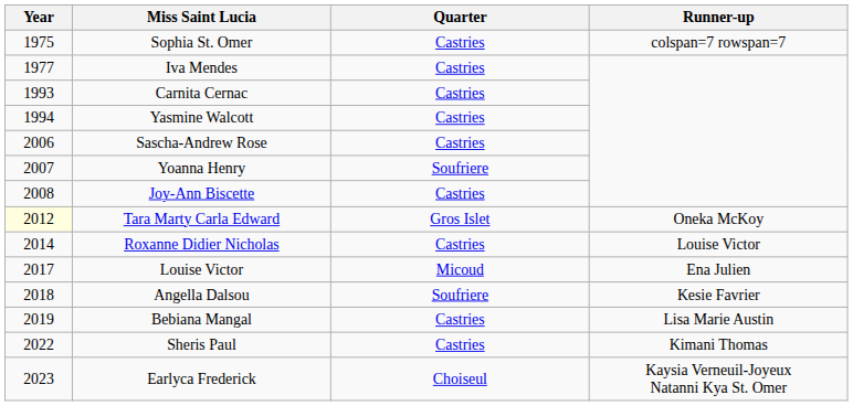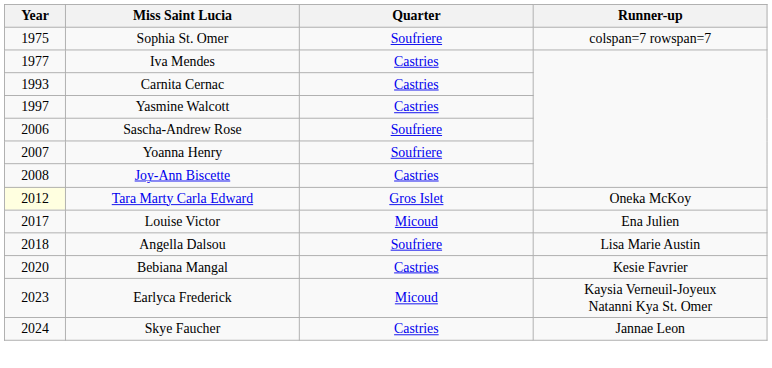 <table class="wikitable sortable" style="font-size: 95%; text-align:center">
 <tr>
 <th width="60">Year</th>
 <th width="250">Miss Saint Lucia</th>
 <th width="250">Quarter</th>
 <th width="250">Runner-up</th>
 </tr>
 <tr>
 <td>1975</td>
 <td>Sophia St. Omer</td>
-<td><a href='#'>Castries</a></td>
+<td><a href='#'>Soufriere</a></td>
 <td>colspan=7 rowspan=7 </td>
 </tr>
 <tr>
 <td>1977</td>
 <td>Iva Mendes</td>
 <td><a href='#'>Castries</a></td>
 </tr>
 <tr>
 <td>1993</td>
 <td>Carnita Cernac</td>
 <td><a href='#'>Castries</a></td>
 </tr>
 <tr>
-<td>1994</td>
+<td>1997</td>
 <td>Yasmine Walcott</td>
 <td><a href='#'>Castries</a></td>
 </tr>
 <tr>
 <td>2006</td>
 <td>Sascha-Andrew Rose</td>
-<td><a href='#'>Castries</a></td>
+<td><a href='#'>Soufriere</a></td>
 </tr>
 <tr>
 <td>2007</td>
 <td>Yoanna Henry</td>
 <td><a href='#'>Soufriere</a></td>
 </tr>
 <tr>
 <td>2008</td>
 <td><a href='#'>Joy-Ann Biscette</a></td>
 <td><a href='#'>Castries</a></td>
 </tr>
 <tr>
 <td style="background: lightyellow;">2012</td>
 <td><a href='#'>Tara Marty Carla Edward</a></td>
 <td><a href='#'>Gros Islet</a></td>
 <td>Oneka McKoy</td>
 </tr>
 <tr>
-<td>2014</td>
-<td><a href='#'>Roxanne Didier Nicholas</a></td>
-<td><a href='#'>Castries</a></td>
-<td>Louise Victor</td>
-</tr>
-<tr>
 <td>2017</td>
 <td>Louise Victor</td>
 <td><a href='#'>Micoud</a></td>
 <td>Ena Julien</td>
 </tr>
 <tr>
 <td>2018</td>
 <td>Angella Dalsou</td>
 <td><a href='#'>Soufriere</a></td>
-<td>Kesie Favrier</td>
-</tr>
-<tr>
-<td>2019</td>
-<td>Bebiana Mangal</td>
-<td><a href='#'>Castries</a></td>
 <td>Lisa Marie Austin</td>
 </tr>
 <tr>
-<td>2022</td>
-<td>Sheris Paul</td>
+<td>2020</td>
+<td>Bebiana Mangal</td>
 <td><a href='#'>Castries</a></td>
-<td>Kimani Thomas</td>
+<td>Kesie Favrier</td>
 </tr>
 <tr>
 <td>2023</td>
 <td>Earlyca Frederick</td>
-<td><a href='#'>Choiseul</a></td>
+<td><a href='#'>Micoud</a></td>
 <td>Kaysia Verneuil-Joyeux<br>Natanni Kya St. Omer</td>
 </tr>
+<tr>
+<td>2024</td>
+<td>Skye Faucher</td>
+<td><a href='#'>Castries</a></td>
+<td>Jannae Leon</td>
+</tr>
 </table>
